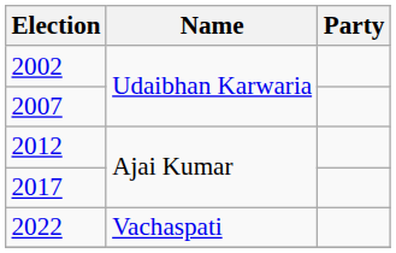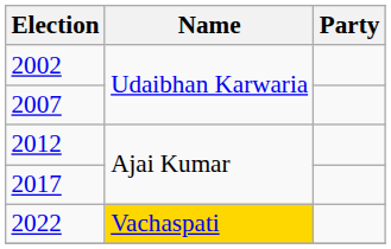 <table class="wikitable sortable">
 <tr>
 <th>Election</th>
 <th>Name</th>
 <th colspan=2>Party</th>
 </tr>
 <tr>
 <td><a href='#'>2002</a></td>
 <td rowspan=2><a href='#'>Udaibhan Karwaria</a></td>
 <td></td>
 </tr>
 <tr>
 <td><a href='#'>2007</a></td>
 </tr>
 <tr>
 <td><a href='#'>2012</a></td>
 <td rowspan=2>Ajai Kumar</td>
 <td></td>
 </tr>
 <tr>
 <td><a href='#'>2017</a></td>
 <td></td>
 </tr>
 <tr>
 <td><a href='#'>2022</a></td>
-<td><a href='#'>Vachaspati</a></td>
+<td style="background: gold;"><a href='#'>Vachaspati</a></td>
 <td></td>
 </tr>
 <tr>
 </tr>
 </table>
